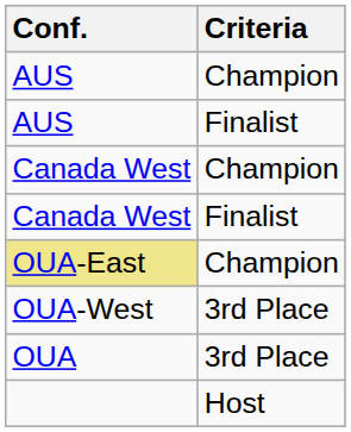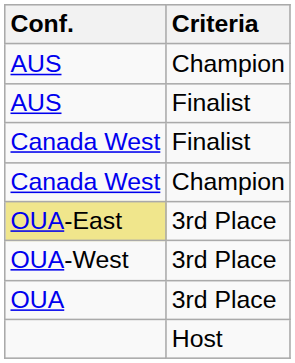 <table class="wikitable sortable" style="text-align: center;">
 <tr style="background:#efefef; text-align:center">
 <th style="text-align:left">Conf.</th>
 <th style="text-align:left">Criteria</th>
 </tr>
 <tr style="text-align:center">
 <td style="text-align:left"><a href='#'>AUS</a></td>
 <td style="text-align:left">Champion</td>
 </tr>
 <tr style="text-align:center">
 <td style="text-align:left"><a href='#'>AUS</a></td>
 <td style="text-align:left">Finalist</td>
 </tr>
 <tr style="text-align:center">
 <td style="text-align:left"><a href='#'>Canada West</a></td>
+<td style="text-align:left">Finalist</td>
+</tr>
+<tr style="text-align:center">
+<td style="text-align:left"><a href='#'>Canada West</a></td>
 <td style="text-align:left">Champion</td>
 </tr>
 <tr style="text-align:center">
-<td style="text-align:left"><a href='#'>Canada West</a></td>
-<td style="text-align:left">Finalist</td>
-</tr>
-<tr style="text-align:center">
 <td style="background: khaki; text-align:left"><a href='#'>OUA</a>-East</td>
-<td style="text-align:left">Champion</td>
+<td style="text-align:left">3rd Place</td>
 </tr>
 <tr style="text-align:center">
 <td style="text-align:left"><a href='#'>OUA</a>-West</td>
 <td style="text-align:left">3rd Place</td>
 </tr>
 <tr style="text-align:center">
 <td style="text-align:left"><a href='#'>OUA</a></td>
 <td style="text-align:left">3rd Place</td>
 </tr>
 <tr style="text-align:center">
 <td style="text-align:left"></td>
 <td style="text-align:left">Host</td>
 </tr>
 </table>
